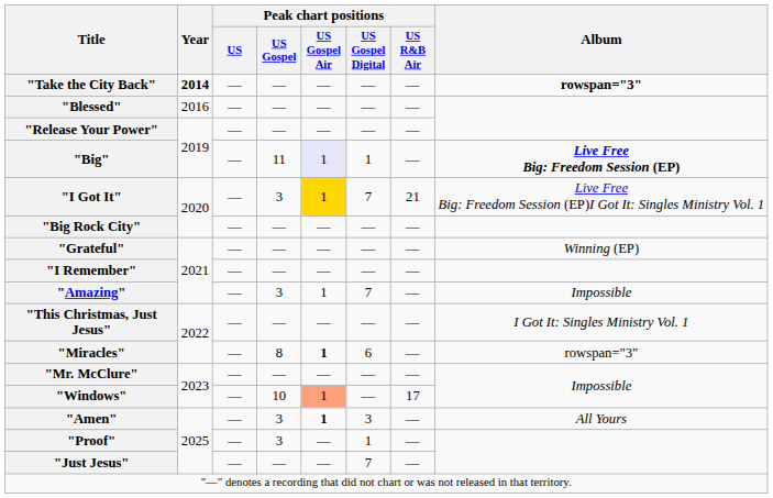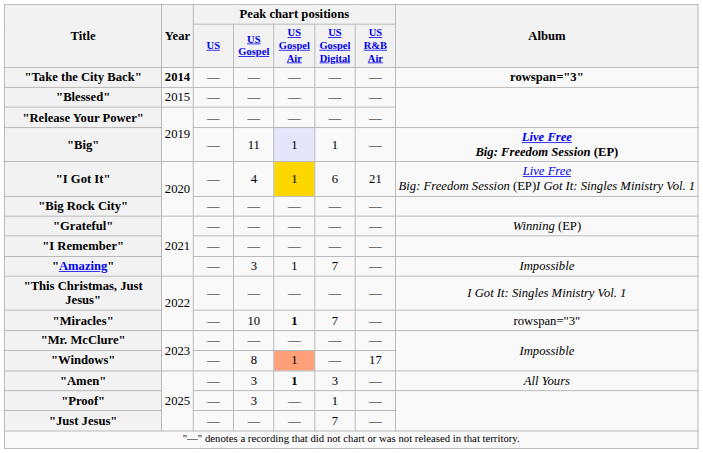 <table class="wikitable plainrowheaders" style="text-align:center;">
 <tr>
 <th rowspan="2" scope="col" style="width:12em;">Title</th>
 <th rowspan="2">Year</th>
 <th colspan="5">Peak chart positions</th>
 <th rowspan="2">Album</th>
 </tr>
 <tr style="font-size:smaller;">
 <th scope="col" width="45"><a href='#'>US</a><br></th>
 <th scope="col" width="45"><a href='#'>US<br>Gospel</a><br></th>
 <th scope="col" width="45"><a href='#'>US<br>Gospel<br>Air</a><br></th>
 <th scope="col" width="45"><a href='#'>US<br>Gospel<br>Digital</a><br></th>
 <th scope="col" width="45"><a href='#'>US<br>R&B<br>Air</a><br></th>
 </tr>
 <tr>
 <th scope="row">"Take the City Back"</th>
 <td><strong>2014</strong></td>
 <td>—</td>
 <td>—</td>
 <td>—</td>
 <td>—</td>
 <td>—</td>
 <td><strong>rowspan="3" </strong></td>
 </tr>
 <tr>
 <th scope="row">"Blessed"</th>
-<td>2016</td>
+<td>2015</td>
 <td>—</td>
 <td>—</td>
 <td>—</td>
 <td>—</td>
 <td>—</td>
 </tr>
 <tr>
 <th scope="row">"Release Your Power"<br></th>
 <td rowspan="2">2019</td>
 <td>—</td>
 <td>—</td>
 <td>—</td>
 <td>—</td>
 <td>—</td>
 </tr>
 <tr>
 <th scope="row">"Big"</th>
 <td>—</td>
 <td>11</td>
 <td style="background: lavender;">1</td>
 <td>1</td>
 <td>—</td>
 <td><strong><em><a href='#'>Live Free</a></em><br><em>Big: Freedom Session</em> (EP)</strong></td>
 </tr>
 <tr>
 <th scope="row">"I Got It"</th>
 <td rowspan="2">2020</td>
 <td>—</td>
-<td>3</td>
+<td>4</td>
 <td style="background: gold;">1</td>
-<td>7</td>
+<td>6</td>
 <td>21</td>
 <td><em><a href='#'>Live Free</a></em><br><em>Big: Freedom Session</em> (EP)<em>I Got It: Singles Ministry Vol. 1</em></td>
 </tr>
 <tr>
 <th scope="row">"Big Rock City"</th>
 <td>—</td>
 <td>—</td>
 <td>—</td>
 <td>—</td>
 <td>—</td>
 <td></td>
 </tr>
 <tr>
 <th scope="row">"Grateful"</th>
 <td rowspan="3">2021</td>
 <td>—</td>
 <td>—</td>
 <td>—</td>
 <td>—</td>
 <td>—</td>
 <td><em>Winning</em> (EP)</td>
 </tr>
 <tr>
 <th scope="row">"I Remember"</th>
 <td>—</td>
 <td>—</td>
 <td>—</td>
 <td>—</td>
 <td>—</td>
 <td></td>
 </tr>
 <tr>
 <th scope="row">"<a href='#'>Amazing</a>"<br></th>
 <td>—</td>
 <td>3</td>
 <td>1</td>
 <td>7</td>
 <td>—</td>
 <td><em>Impossible</em></td>
 </tr>
 <tr>
 <th scope="row">"This Christmas, Just Jesus"</th>
 <td rowspan="2">2022</td>
 <td>—</td>
 <td>—</td>
 <td>—</td>
 <td>—</td>
 <td>—</td>
 <td><em>I Got It: Singles Ministry Vol. 1</em></td>
 </tr>
 <tr>
 <th scope="row">"Miracles"<br></th>
 <td>—</td>
-<td>8</td>
+<td>10</td>
 <td><strong>1</strong></td>
-<td>6</td>
+<td>7</td>
 <td>—</td>
 <td>rowspan="3" </td>
 </tr>
 <tr>
 <th scope="row">"Mr. McClure"</th>
 <td rowspan="2">2023</td>
 <td>—</td>
 <td>—</td>
 <td>—</td>
 <td>—</td>
 <td>—</td>
 <td rowspan="2"><em>Impossible</em></td>
 </tr>
 <tr>
 <th scope="row">"Windows"</th>
 <td>—</td>
-<td>10</td>
+<td>8</td>
 <td style="background: lightsalmon;">1</td>
 <td>—</td>
 <td>17</td>
 </tr>
 <tr>
 <th scope="row">"Amen"</th>
 <td rowspan="3">2025</td>
 <td>—</td>
 <td>3</td>
 <td><strong>1</strong></td>
 <td>3</td>
 <td>—</td>
 <td><em>All Yours</em></td>
 </tr>
 <tr>
 <th scope="row">"Proof"</th>
 <td>—</td>
 <td>3</td>
 <td>—</td>
 <td>1</td>
 <td>—</td>
 </tr>
 <tr>
 <th scope="row">"Just Jesus"</th>
 <td>—</td>
 <td>—</td>
 <td>—</td>
 <td>7</td>
 <td>—</td>
 </tr>
 <tr>
 <td colspan="12" style="font-size:85%">"—" denotes a recording that did not chart or was not released in that territory.</td>
 </tr>
 </table>
